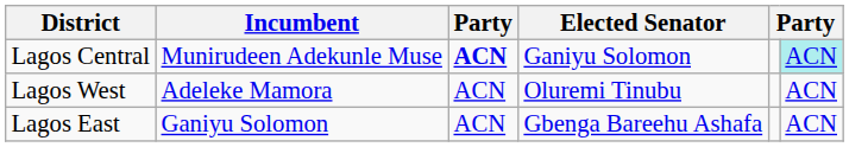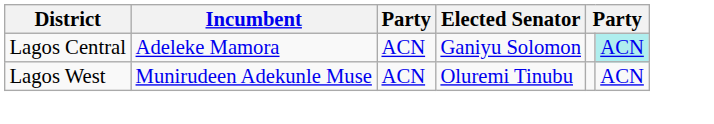 <table class="sortable wikitable" style="font-size:95%;line-height:14px;">
 <tr>
 <th class="unsortable">District</th>
 <th class="unsortable"><a href='#'>Incumbent</a></th>
 <th>Party</th>
 <th class="unsortable">Elected Senator</th>
 <th colspan="2">Party</th>
 </tr>
 <tr>
 <td>Lagos Central</td>
-<td><a href='#'>Munirudeen Adekunle Muse</a></td>
-<td><strong><a href='#'>ACN</a></strong></td>
+<td><a href='#'>Adeleke Mamora</a></td>
+<td><a href='#'>ACN</a></td>
 <td><a href='#'>Ganiyu Solomon</a></td>
 <td style="background:"></td>
 <td style="background: paleturquoise;"><a href='#'>ACN</a></td>
 </tr>
 <tr>
 <td>Lagos West</td>
-<td><a href='#'>Adeleke Mamora</a></td>
+<td><a href='#'>Munirudeen Adekunle Muse</a></td>
 <td><a href='#'>ACN</a></td>
 <td><a href='#'>Oluremi Tinubu</a></td>
 <td style="background:"></td>
 <td><a href='#'>ACN</a></td>
 </tr>
-<tr>
-<td>Lagos East</td>
-<td><a href='#'>Ganiyu Solomon</a></td>
-<td><a href='#'>ACN</a></td>
-<td><a href='#'>Gbenga Bareehu Ashafa</a></td>
-<td style="background:"></td>
-<td><a href='#'>ACN</a></td>
-</tr>
 </table>
